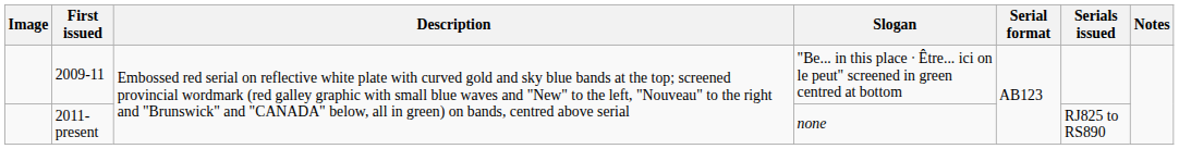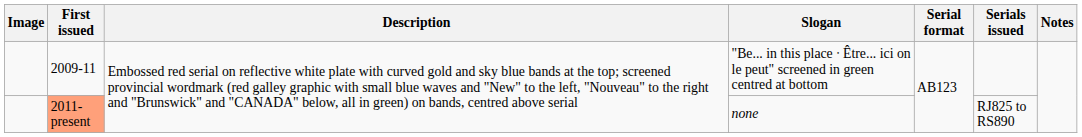 <table class="wikitable">
 <tr>
 <th>Image</th>
 <th>First issued</th>
 <th>Description</th>
 <th>Slogan</th>
 <th>Serial format</th>
 <th>Serials issued</th>
 <th>Notes</th>
 </tr>
 <tr>
 <td></td>
 <td>2009-11</td>
 <td rowspan="2">Embossed red serial on reflective white plate with curved gold and sky blue bands at the top; screened provincial wordmark (red galley graphic with small blue waves and "New" to the left, "Nouveau" to the right and "Brunswick" and "CANADA" below, all in green) on bands, centred above serial</td>
 <td>"Be... in this place  ᐧ  Être... ici on le peut" screened in green centred at bottom</td>
 <td rowspan="2">AB123</td>
 <td></td>
 <td rowspan="2"></td>
 </tr>
 <tr>
 <td></td>
-<td>2011-present</td>
+<td style="background: lightsalmon;">2011-present</td>
 <td><em>none</em></td>
 <td>RJ825 to RS890 </td>
 </tr>
 </table>
